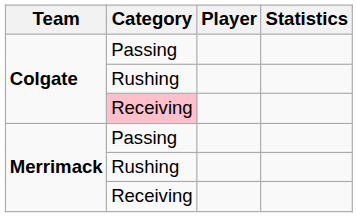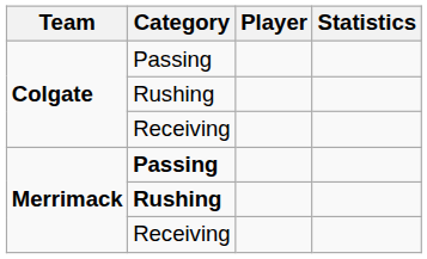 <table class="wikitable" style="float: right;">
 <tr>
 <th>Team</th>
 <th>Category</th>
 <th>Player</th>
 <th>Statistics</th>
 </tr>
 <tr>
 <td rowspan=3><strong>Colgate</strong></td>
 <td>Passing</td>
 <td></td>
 <td></td>
 </tr>
 <tr>
 <td>Rushing</td>
 <td></td>
 <td></td>
 </tr>
 <tr>
-<td style="background: pink;">Receiving</td>
+<td>Receiving</td>
 <td></td>
 <td></td>
 </tr>
 <tr>
 <td rowspan=3><strong>Merrimack</strong></td>
-<td>Passing</td>
+<td><strong>Passing</strong></td>
 <td></td>
 <td></td>
 </tr>
 <tr>
-<td>Rushing</td>
+<td><strong>Rushing</strong></td>
 <td></td>
 <td></td>
 </tr>
 <tr>
 <td>Receiving</td>
 <td></td>
 <td></td>
 </tr>
 </table>
